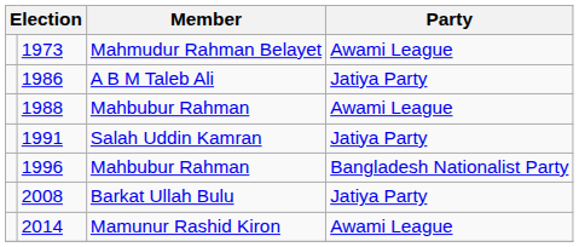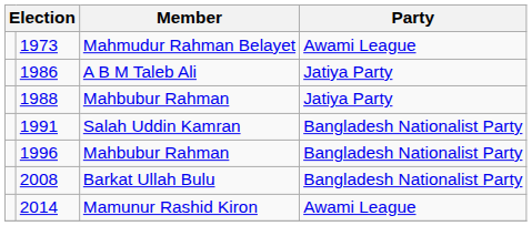 <table class="wikitable">
 <tr>
 <th colspan="2">Election</th>
 <th>Member</th>
 <th>Party</th>
 </tr>
 <tr>
 <td style="background-color:"></td>
 <td><a href='#'>1973</a></td>
 <td><a href='#'>Mahmudur Rahman Belayet</a></td>
 <td><a href='#'>Awami League</a></td>
 </tr>
 <tr>
 <td style="background-color:"></td>
 <td><a href='#'>1986</a></td>
 <td><a href='#'>A B M Taleb Ali</a></td>
 <td><a href='#'>Jatiya Party</a></td>
 </tr>
 <tr>
 <td style="background-color:"></td>
 <td><a href='#'>1988</a></td>
 <td><a href='#'>Mahbubur Rahman</a></td>
-<td><a href='#'>Awami League</a></td>
+<td><a href='#'>Jatiya Party</a></td>
 </tr>
 <tr>
 <td style="background-color:"></td>
 <td><a href='#'>1991</a></td>
 <td><a href='#'>Salah Uddin Kamran</a></td>
-<td><a href='#'>Jatiya Party</a></td>
+<td><a href='#'>Bangladesh Nationalist Party</a></td>
 </tr>
 <tr>
 <td style="background-color:"></td>
 <td><a href='#'>1996</a></td>
 <td><a href='#'>Mahbubur Rahman</a></td>
 <td><a href='#'>Bangladesh Nationalist Party</a></td>
 </tr>
 <tr>
 <td style="background-color:"></td>
 <td><a href='#'>2008</a></td>
 <td><a href='#'>Barkat Ullah Bulu</a></td>
-<td><a href='#'>Jatiya Party</a></td>
+<td><a href='#'>Bangladesh Nationalist Party</a></td>
 </tr>
 <tr>
 <td style="background-color:"></td>
 <td><a href='#'>2014</a></td>
 <td><a href='#'>Mamunur Rashid Kiron</a></td>
 <td><a href='#'>Awami League</a></td>
 </tr>
 <tr>
 </tr>
 </table>
